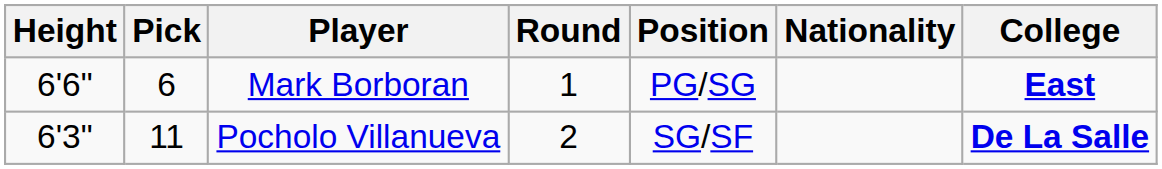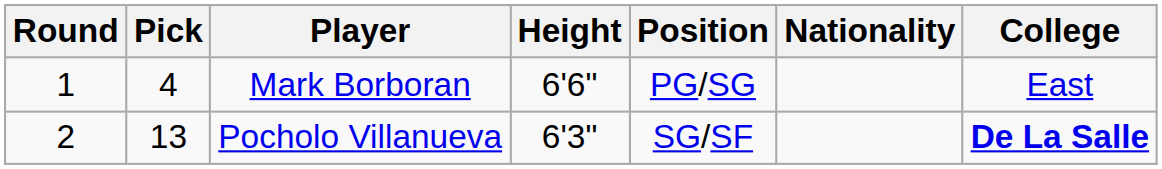 <table class="wikitable sortable sortable">
 <tr>
-<th>Height</th>
+<th>Round</th>
 <th>Pick</th>
 <th>Player</th>
-<th>Round</th>
+<th>Height</th>
 <th>Position</th>
 <th>Nationality</th>
 <th>College</th>
 </tr>
 <tr style="text-align: center">
+<td>1</td>
+<td>4</td>
+<td><a href='#'>Mark Borboran</a></td>
 <td>6'6"</td>
-<td>6</td>
-<td><a href='#'>Mark Borboran</a></td>
-<td>1</td>
 <td><a href='#'>PG</a>/<a href='#'>SG</a></td>
 <td></td>
-<td><strong><a href='#'>East</a></strong></td>
+<td><a href='#'>East</a></td>
 </tr>
 <tr style="text-align: center">
+<td>2</td>
+<td>13</td>
+<td><a href='#'>Pocholo Villanueva</a></td>
 <td>6'3"</td>
-<td>11</td>
-<td><a href='#'>Pocholo Villanueva</a></td>
-<td>2</td>
 <td><a href='#'>SG</a>/<a href='#'>SF</a></td>
 <td></td>
 <td><strong><a href='#'>De La Salle</a></strong></td>
 </tr>
 </table>
